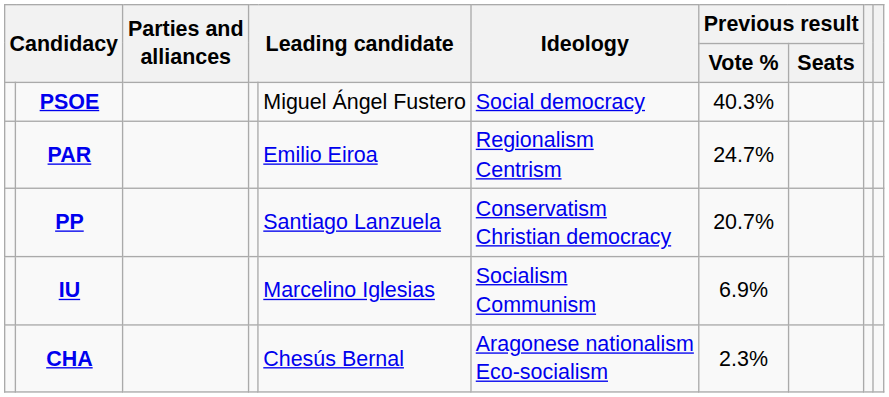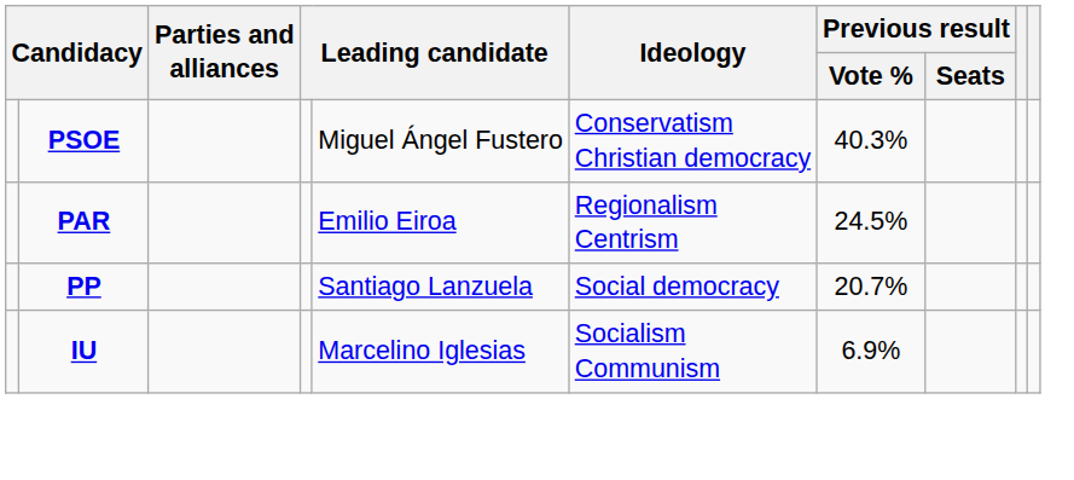 <table class="wikitable" style="line-height:1.35em; text-align:left;">
 <tr>
 <th colspan="2" rowspan="2">Candidacy</th>
 <th rowspan="2">Parties and<br>alliances</th>
 <th colspan="2" rowspan="2">Leading candidate</th>
 <th rowspan="2">Ideology</th>
 <th colspan="2">Previous result</th>
 <th rowspan="2"></th>
 <th rowspan="2"></th>
 </tr>
 <tr>
 <th>Vote %</th>
 <th>Seats</th>
 </tr>
 <tr>
 <td width="1" style="color:inherit;background:"></td>
 <td align="center"><strong><a href='#'>PSOE</a></strong></td>
 <td></td>
 <td></td>
 <td>Miguel Ángel Fustero</td>
-<td><a href='#'>Social democracy</a></td>
+<td><a href='#'>Conservatism</a><br><a href='#'>Christian democracy</a></td>
 <td align="center">40.3%</td>
 <td></td>
 <td></td>
 <td></td>
 </tr>
 <tr>
 <td style="color:inherit;background:"></td>
 <td align="center"><strong><a href='#'>PAR</a></strong></td>
 <td></td>
 <td></td>
 <td><a href='#'>Emilio Eiroa</a></td>
 <td><a href='#'>Regionalism</a><br><a href='#'>Centrism</a></td>
-<td align="center">24.7%</td>
+<td align="center">24.5%</td>
 <td></td>
 <td></td>
 <td></td>
 </tr>
 <tr>
 <td style="color:inherit;background:"></td>
 <td align="center"><strong><a href='#'>PP</a></strong></td>
 <td></td>
 <td></td>
 <td><a href='#'>Santiago Lanzuela</a></td>
-<td><a href='#'>Conservatism</a><br><a href='#'>Christian democracy</a></td>
+<td><a href='#'>Social democracy</a></td>
 <td align="center">20.7%</td>
 <td></td>
 <td></td>
 <td></td>
 </tr>
 <tr>
 <td style="color:inherit;background:"></td>
 <td align="center"><strong><a href='#'>IU</a></strong></td>
 <td></td>
 <td></td>
 <td><a href='#'>Marcelino Iglesias</a></td>
 <td><a href='#'>Socialism</a><br><a href='#'>Communism</a></td>
 <td align="center">6.9%</td>
 <td></td>
 <td></td>
 <td></td>
 </tr>
-<tr>
-<td style="color:inherit;background:"></td>
-<td align="center"><strong><a href='#'>CHA</a></strong></td>
-<td></td>
-<td></td>
-<td><a href='#'>Chesús Bernal</a></td>
-<td><a href='#'>Aragonese nationalism</a><br><a href='#'>Eco-socialism</a></td>
-<td align="center">2.3%</td>
-<td></td>
-<td></td>
-<td></td>
-</tr>
 </table>
